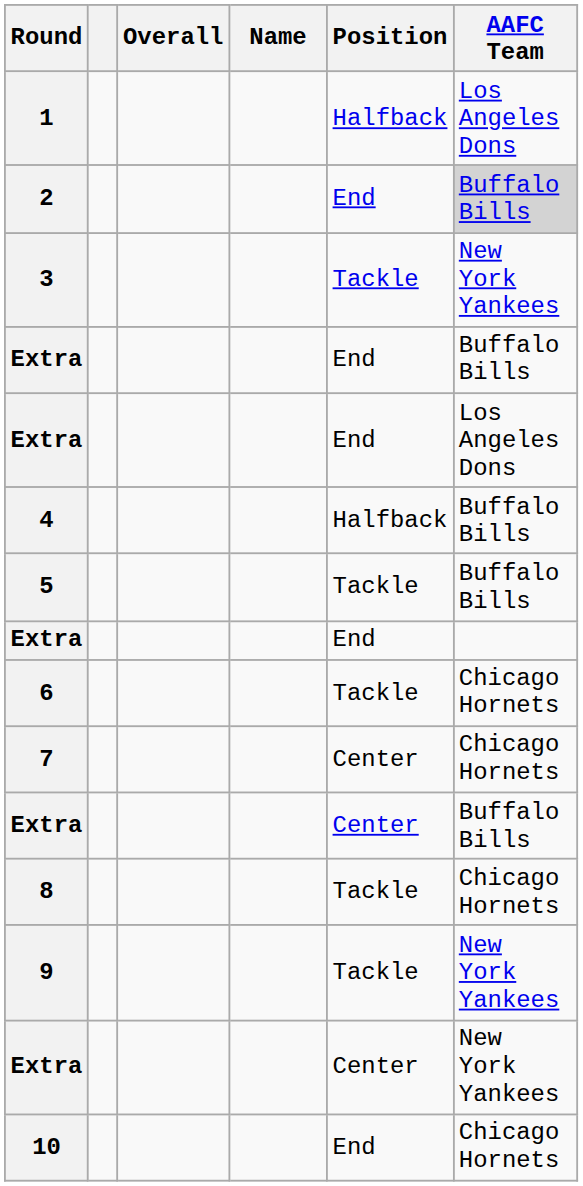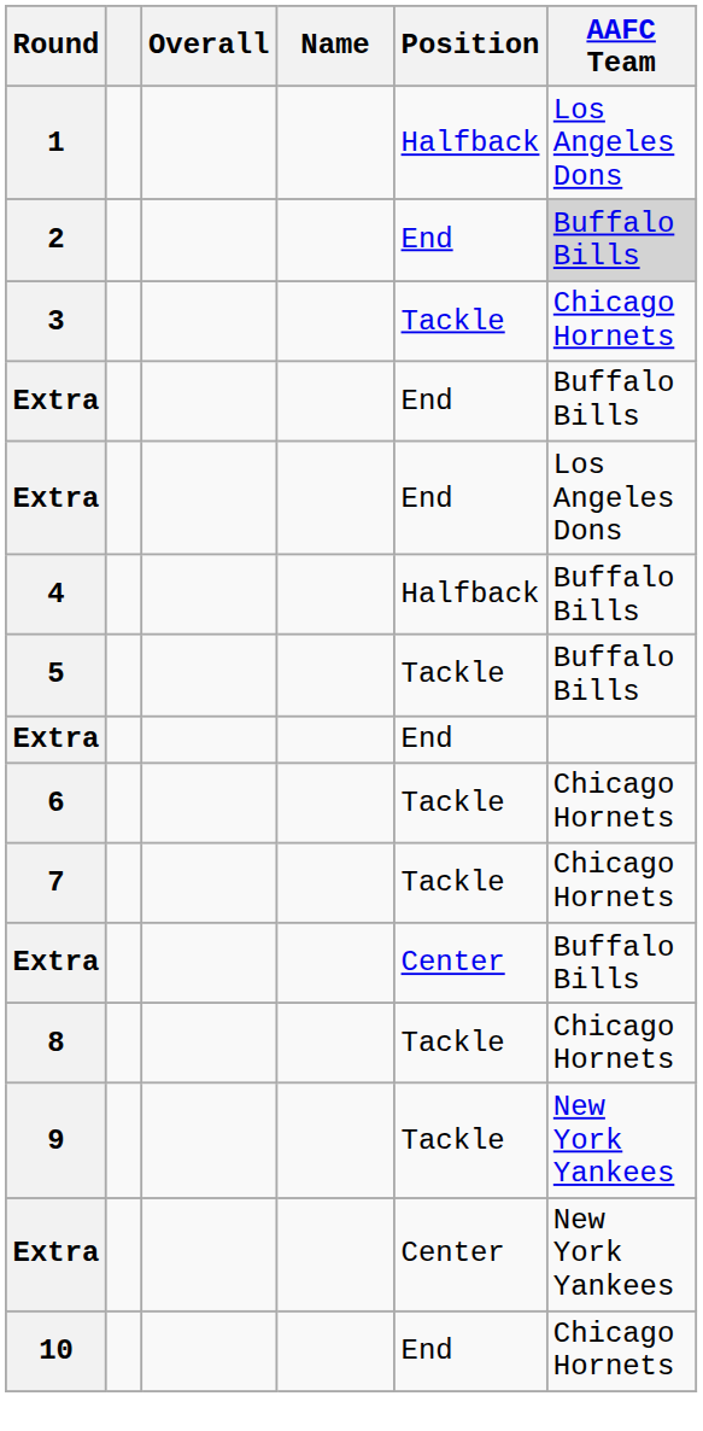 <table class="wikitable sortable" style="width: 50%;">
 <tr>
 <th scope="col" style="width: 10%;">Round</th>
 <th scope="col" style="width: 10%;"></th>
 <th scope="col" style="width: 10%;">Overall</th>
 <th scope="col" style="width: 25%;">Name</th>
 <th scope="col" style="width: 20%;">Position</th>
 <th scope="col" style="width: 25%;"><a href='#'>AAFC</a> Team</th>
 </tr>
 <tr>
 <th scope="row">1</th>
 <td></td>
 <td></td>
 <td></td>
 <td><a href='#'>Halfback</a></td>
 <td><a href='#'>Los Angeles Dons</a></td>
 </tr>
 <tr>
 <th scope="row">2</th>
 <td></td>
 <td></td>
 <td></td>
 <td><a href='#'>End</a></td>
 <td style="background: lightgrey;"><a href='#'>Buffalo Bills</a></td>
 </tr>
 <tr>
 <th scope="row">3</th>
 <td></td>
 <td></td>
 <td></td>
 <td><a href='#'>Tackle</a></td>
-<td><a href='#'>New York Yankees</a></td>
+<td><a href='#'>Chicago Hornets</a></td>
 </tr>
 <tr>
 <th scope="row">Extra</th>
 <td></td>
 <td></td>
 <td></td>
 <td>End</td>
 <td>Buffalo Bills</td>
 </tr>
 <tr>
 <th scope="row">Extra</th>
 <td></td>
 <td></td>
 <td></td>
 <td>End</td>
 <td>Los Angeles Dons</td>
 </tr>
 <tr>
 <th scope="row">4</th>
 <td></td>
 <td></td>
 <td></td>
 <td>Halfback</td>
 <td>Buffalo Bills</td>
 </tr>
 <tr>
 <th scope="row">5</th>
 <td></td>
 <td></td>
 <td></td>
 <td>Tackle</td>
 <td>Buffalo Bills</td>
 </tr>
 <tr>
 <th scope="row">Extra</th>
 <td></td>
 <td></td>
 <td></td>
 <td>End</td>
 <td></td>
 </tr>
 <tr>
 <th scope="row">6</th>
 <td></td>
 <td></td>
 <td></td>
 <td>Tackle</td>
 <td>Chicago Hornets</td>
 </tr>
 <tr>
 <th scope="row">7</th>
 <td></td>
 <td></td>
 <td></td>
-<td>Center</td>
+<td>Tackle</td>
 <td>Chicago Hornets</td>
 </tr>
 <tr>
 <th scope="row">Extra</th>
 <td></td>
 <td></td>
 <td></td>
 <td><a href='#'>Center</a></td>
 <td>Buffalo Bills</td>
 </tr>
 <tr>
 <th scope="row">8</th>
 <td></td>
 <td></td>
 <td></td>
 <td>Tackle</td>
 <td>Chicago Hornets</td>
 </tr>
 <tr>
 <th scope="row">9</th>
 <td></td>
 <td></td>
 <td></td>
 <td>Tackle</td>
 <td><a href='#'>New York Yankees</a></td>
 </tr>
 <tr>
 <th scope="row">Extra</th>
 <td></td>
 <td></td>
 <td></td>
 <td>Center</td>
 <td>New York Yankees</td>
 </tr>
 <tr>
 <th scope="row">10</th>
 <td></td>
 <td></td>
 <td></td>
 <td>End</td>
 <td>Chicago Hornets</td>
 </tr>
 </table>
